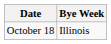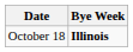 <table class="wikitable" style="font-size:95%;">
 <tr>
 <th>Date</th>
 <th>Bye Week</th>
 </tr>
 <tr>
 <td>October 18</td>
-<td>Illinois</td>
+<td><strong>Illinois</strong></td>
 </tr>
 </table>
